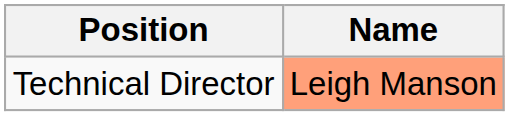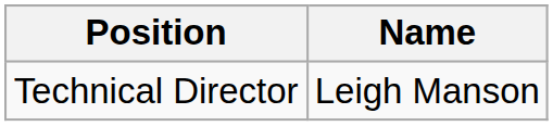 <table class=wikitable>
 <tr>
 <th>Position</th>
 <th>Name</th>
 </tr>
 <tr>
 <td>Technical Director</td>
-<td style="background: lightsalmon;">Leigh Manson</td>
+<td>Leigh Manson</td>
 </tr>
 </table>
